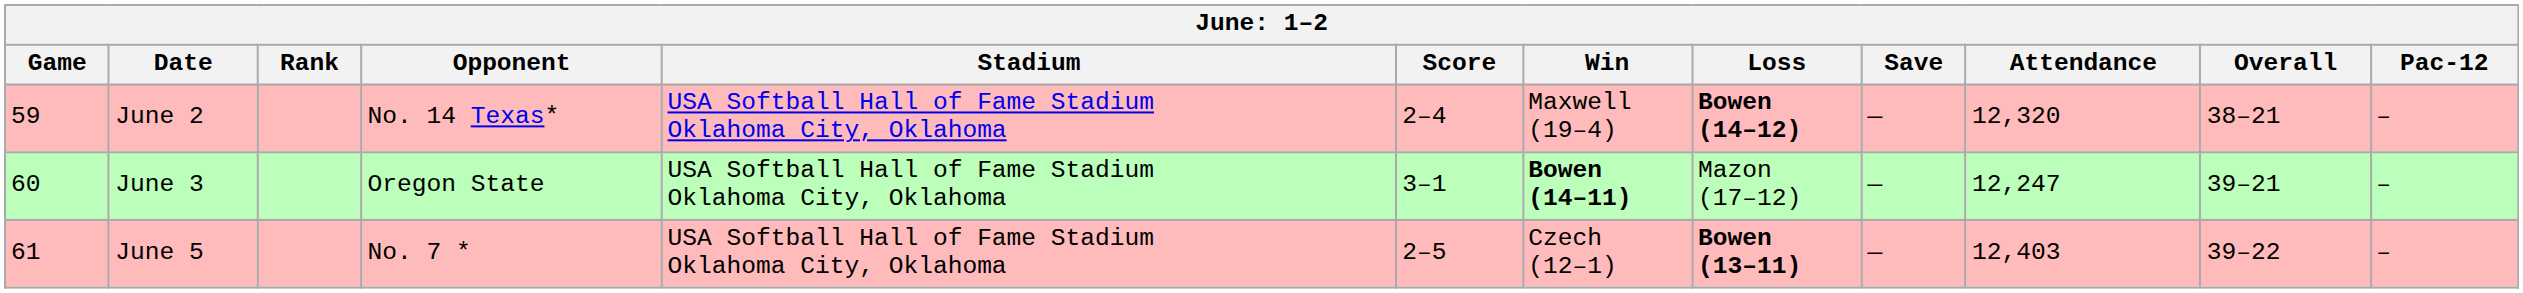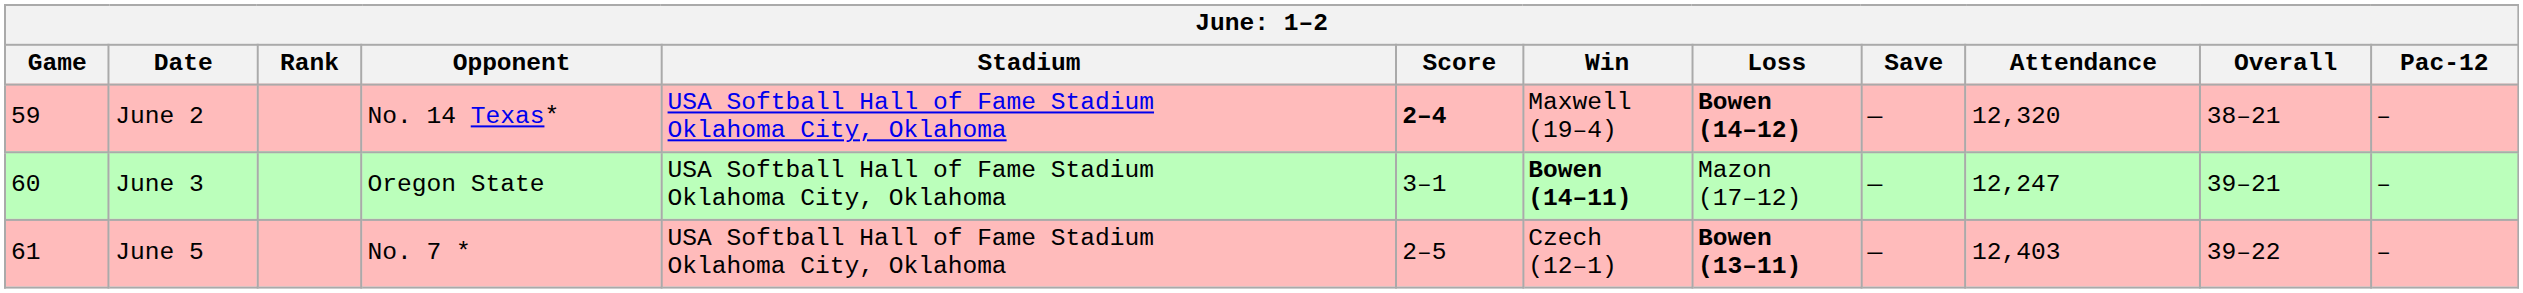 <table class="wikitable collapsible collapsed" style="margin:auto; font-size:95%; width:100%">
 <tr>
 <th colspan=12>June: 1–2</th>
 </tr>
 <tr>
 <th>Game</th>
 <th>Date</th>
 <th>Rank</th>
 <th>Opponent</th>
 <th>Stadium</th>
 <th>Score</th>
 <th>Win</th>
 <th>Loss</th>
 <th>Save</th>
 <th>Attendance</th>
 <th>Overall</th>
 <th>Pac-12</th>
 </tr>
 <tr style="background:#fbb;">
 <td>59</td>
 <td>June 2</td>
 <td></td>
 <td>No. 14 <a href='#'>Texas</a>*</td>
 <td><a href='#'>USA Softball Hall of Fame Stadium</a><br><a href='#'>Oklahoma City, Oklahoma</a></td>
-<td>2–4</td>
+<td><strong>2–4</strong></td>
 <td>Maxwell<br>(19–4)</td>
 <td><strong>Bowen<br>(14–12)</strong></td>
 <td>—</td>
 <td>12,320</td>
 <td>38–21</td>
 <td>–</td>
 </tr>
 <tr style="background:#bfb;">
 <td>60</td>
 <td>June 3</td>
 <td></td>
 <td>Oregon State</td>
 <td>USA Softball Hall of Fame Stadium<br>Oklahoma City, Oklahoma</td>
 <td>3–1</td>
 <td><strong>Bowen<br>(14–11)</strong></td>
 <td>Mazon<br>(17–12)</td>
 <td>—</td>
 <td>12,247</td>
 <td>39–21</td>
 <td>–</td>
 </tr>
 <tr style="background:#fbb;">
 <td>61</td>
 <td>June 5</td>
 <td></td>
 <td>No. 7 *</td>
 <td>USA Softball Hall of Fame Stadium<br>Oklahoma City, Oklahoma</td>
 <td>2–5</td>
 <td>Czech<br>(12–1)</td>
 <td><strong>Bowen<br>(13–11)</strong></td>
 <td>—</td>
 <td>12,403</td>
 <td>39–22</td>
 <td>–</td>
 </tr>
 </table>
